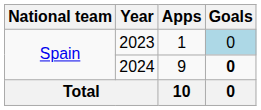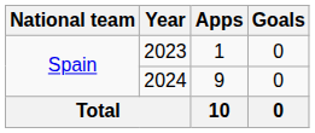 <table class="wikitable" style="text-align:center">
 <tr>
 <th>National team</th>
 <th>Year</th>
 <th>Apps</th>
 <th>Goals</th>
 </tr>
 <tr>
 <td rowspan="2"><a href='#'>Spain</a></td>
 <td>2023</td>
 <td>1</td>
-<td style="background: lightblue;">0</td>
+<td>0</td>
 </tr>
 <tr>
 <td>2024</td>
 <td>9</td>
-<td><strong>0</strong></td>
+<td>0</td>
 </tr>
 <tr>
 <th colspan="2">Total</th>
 <th>10</th>
 <th>0</th>
 </tr>
 </table>
